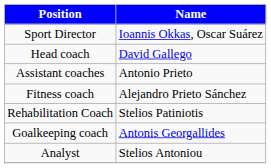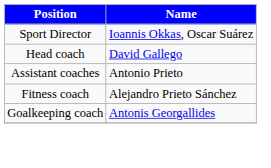 <table class="wikitable plainrowheaders sortable">
 <tr>
 <th style="background:#0000FF; color:#FFFFFF; ">Position</th>
 <th style="background:#0000FF; color:#FFFFFF; ">Name</th>
 </tr>
 <tr>
 <td align=center>Sport Director</td>
 <td align=left> <a href='#'>Ioannis Okkas</a>,  Oscar Suárez</td>
 </tr>
 <tr>
 <td align=center>Head coach</td>
 <td align=left> <a href='#'>David Gallego</a></td>
 </tr>
 <tr>
 <td align=center>Assistant coaches</td>
 <td align=left> Antonio Prieto</td>
 </tr>
 <tr>
 <td align=center>Fitness coach</td>
 <td align=left> Alejandro Prieto Sánchez</td>
 </tr>
 <tr>
-<td align=center>Rehabilitation Coach</td>
-<td align=left> Stelios Patiniotis</td>
-</tr>
-<tr>
 <td align=center>Goalkeeping coach</td>
 <td align=left> <a href='#'>Antonis Georgallides</a></td>
 </tr>
 <tr>
-<td align=center>Analyst</td>
-<td align=left> Stelios Antoniou</td>
-</tr>
-<tr>
 </tr>
 </table>
